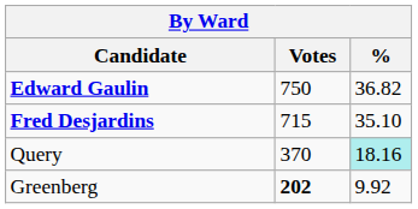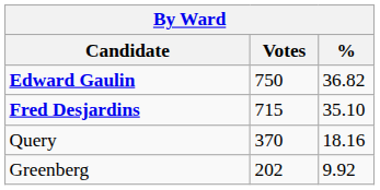 <table class="wikitable">
 <tr>
 <th colspan="3"><a href='#'>By Ward</a></th>
 </tr>
 <tr>
 <th style="width: 200px">Candidate</th>
 <th style="width: 50px">Votes</th>
 <th style="width: 40px">%</th>
 </tr>
 <tr>
 <td><strong><a href='#'>Edward Gaulin</a></strong></td>
 <td>750</td>
 <td>36.82</td>
 </tr>
 <tr>
 <td><strong><a href='#'>Fred Desjardins</a></strong></td>
 <td>715</td>
 <td>35.10</td>
 </tr>
 <tr>
 <td>Query</td>
 <td>370</td>
-<td style="background: paleturquoise;">18.16</td>
+<td>18.16</td>
 </tr>
 <tr>
 <td>Greenberg</td>
-<td><strong>202</strong></td>
+<td>202</td>
 <td>9.92</td>
 </tr>
 </table>
